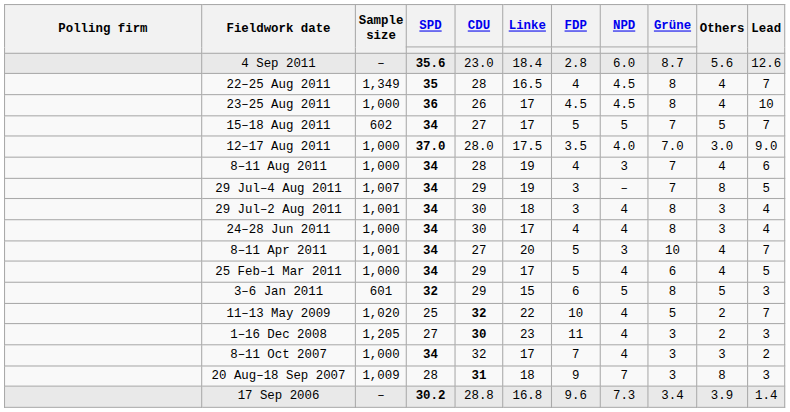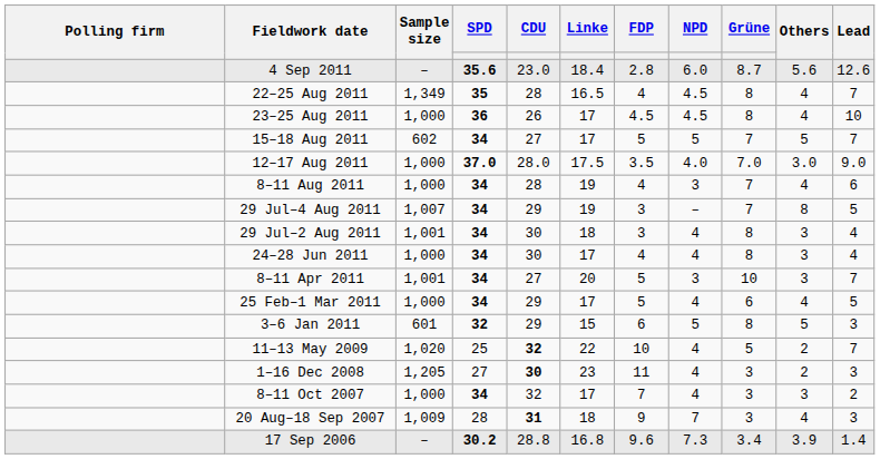 <table class="wikitable sortable" style="text-align:center;font-size:90%;line-height:14px;">
 <tr style="height:40px;">
 <th style="width:180px;" rowspan="2">Polling firm</th>
 <th style="width:140px;" rowspan="2">Fieldwork date</th>
 <th style="width:35px;" rowspan="2">Sample<br>size</th>
 <th class="unsortable" style="width:40px;"><a href='#'>SPD</a></th>
 <th class="unsortable" style="width:40px;"><a href='#'>CDU</a></th>
 <th class="unsortable" style="width:40px;"><a href='#'>Linke</a></th>
 <th class="unsortable" style="width:40px;"><a href='#'>FDP</a></th>
 <th class="unsortable" style="width:40px;"><a href='#'>NPD</a></th>
 <th class="unsortable" style="width:40px;"><a href='#'>Grüne</a></th>
 <th class="unsortable" style="width:40px;" rowspan="2">Others</th>
 <th style="width:30px;" rowspan="2">Lead</th>
 </tr>
 <tr>
 <th style="background:"></th>
 <th style="background:"></th>
 <th style="background:"></th>
 <th style="background:"></th>
 <th style="background:"></th>
 <th style="background:"></th>
 </tr>
 <tr style="background:#E9E9E9;">
 <td></td>
 <td data-sort-value="2011-09-04">4 Sep 2011</td>
 <td>–</td>
 <td><strong>35.6</strong></td>
 <td>23.0</td>
 <td>18.4</td>
 <td>2.8</td>
 <td>6.0</td>
 <td>8.7</td>
 <td>5.6</td>
 <td style="background:">12.6</td>
 </tr>
 <tr>
 <td></td>
 <td data-sort-value="2011-08-26">22–25 Aug 2011</td>
 <td>1,349</td>
 <td><strong>35</strong></td>
 <td>28</td>
 <td>16.5</td>
 <td>4</td>
 <td>4.5</td>
 <td>8</td>
 <td>4</td>
 <td style="background:">7</td>
 </tr>
 <tr>
 <td></td>
 <td data-sort-value="2011-08-25">23–25 Aug 2011</td>
 <td>1,000</td>
 <td><strong>36</strong></td>
 <td>26</td>
 <td>17</td>
 <td>4.5</td>
 <td>4.5</td>
 <td>8</td>
 <td>4</td>
 <td style="background:">10</td>
 </tr>
 <tr>
 <td></td>
 <td data-sort-value="2011-08-24">15–18 Aug 2011</td>
 <td>602</td>
 <td><strong>34</strong></td>
 <td>27</td>
 <td>17</td>
 <td>5</td>
 <td>5</td>
 <td>7</td>
 <td>5</td>
 <td style="background:">7</td>
 </tr>
 <tr>
 <td></td>
 <td data-sort-value="2011-08-19">12–17 Aug 2011</td>
 <td>1,000</td>
 <td><strong>37.0</strong></td>
 <td>28.0</td>
 <td>17.5</td>
 <td>3.5</td>
 <td>4.0</td>
 <td>7.0</td>
 <td>3.0</td>
 <td style="background:">9.0</td>
 </tr>
 <tr>
 <td></td>
 <td data-sort-value="2011-08-14">8–11 Aug 2011</td>
 <td>1,000</td>
 <td><strong>34</strong></td>
 <td>28</td>
 <td>19</td>
 <td>4</td>
 <td>3</td>
 <td>7</td>
 <td>4</td>
 <td style="background:">6</td>
 </tr>
 <tr>
 <td></td>
 <td data-sort-value="2011-08-07">29 Jul–4 Aug 2011</td>
 <td>1,007</td>
 <td><strong>34</strong></td>
 <td>29</td>
 <td>19</td>
 <td>3</td>
 <td>–</td>
 <td>7</td>
 <td>8</td>
 <td style="background:">5</td>
 </tr>
 <tr>
 <td></td>
 <td data-sort-value="2011-08-04">29 Jul–2 Aug 2011</td>
 <td>1,001</td>
 <td><strong>34</strong></td>
 <td>30</td>
 <td>18</td>
 <td>3</td>
 <td>4</td>
 <td>8</td>
 <td>3</td>
 <td style="background:">4</td>
 </tr>
 <tr>
 <td></td>
 <td data-sort-value="2011-06-29">24–28 Jun 2011</td>
 <td>1,000</td>
 <td><strong>34</strong></td>
 <td>30</td>
 <td>17</td>
 <td>4</td>
 <td>4</td>
 <td>8</td>
 <td>3</td>
 <td style="background:">4</td>
 </tr>
 <tr>
 <td></td>
 <td data-sort-value="2011-04-13">8–11 Apr 2011</td>
 <td>1,001</td>
 <td><strong>34</strong></td>
 <td>27</td>
 <td>20</td>
 <td>5</td>
 <td>3</td>
 <td>10</td>
-<td>4</td>
+<td>3</td>
 <td style="background:">7</td>
 </tr>
 <tr>
 <td></td>
 <td data-sort-value="2011-03-03">25 Feb–1 Mar 2011</td>
 <td>1,000</td>
 <td><strong>34</strong></td>
 <td>29</td>
 <td>17</td>
 <td>5</td>
 <td>4</td>
 <td>6</td>
 <td>4</td>
 <td style="background:">5</td>
 </tr>
 <tr>
 <td></td>
 <td data-sort-value="2011-01-21">3–6 Jan 2011</td>
 <td>601</td>
 <td><strong>32</strong></td>
 <td>29</td>
 <td>15</td>
 <td>6</td>
 <td>5</td>
 <td>8</td>
 <td>5</td>
 <td style="background:">3</td>
 </tr>
 <tr>
 <td></td>
 <td data-sort-value="2009-05-15">11–13 May 2009</td>
 <td>1,020</td>
 <td>25</td>
 <td><strong>32</strong></td>
 <td>22</td>
 <td>10</td>
 <td>4</td>
 <td>5</td>
 <td>2</td>
 <td style="background:">7</td>
 </tr>
 <tr>
 <td></td>
 <td data-sort-value="2009-01-13">1–16 Dec 2008</td>
 <td>1,205</td>
 <td>27</td>
 <td><strong>30</strong></td>
 <td>23</td>
 <td>11</td>
 <td>4</td>
 <td>3</td>
 <td>2</td>
 <td style="background:">3</td>
 </tr>
 <tr>
 <td></td>
 <td data-sort-value="2007-10-17">8–11 Oct 2007</td>
 <td>1,000</td>
 <td><strong>34</strong></td>
 <td>32</td>
 <td>17</td>
 <td>7</td>
 <td>4</td>
 <td>3</td>
 <td>3</td>
 <td style="background:">2</td>
 </tr>
 <tr>
 <td></td>
 <td data-sort-value="2007-09-20">20 Aug–18 Sep 2007</td>
 <td>1,009</td>
 <td>28</td>
 <td><strong>31</strong></td>
 <td>18</td>
 <td>9</td>
 <td>7</td>
 <td>3</td>
-<td>8</td>
+<td>4</td>
 <td style="background:">3</td>
 </tr>
 <tr style="background:#E9E9E9;">
 <td></td>
 <td data-sort-value="2006-09-17">17 Sep 2006</td>
 <td>–</td>
 <td><strong>30.2</strong></td>
 <td>28.8</td>
 <td>16.8</td>
 <td>9.6</td>
 <td>7.3</td>
 <td>3.4</td>
 <td>3.9</td>
 <td style="background:">1.4</td>
 </tr>
 </table>
